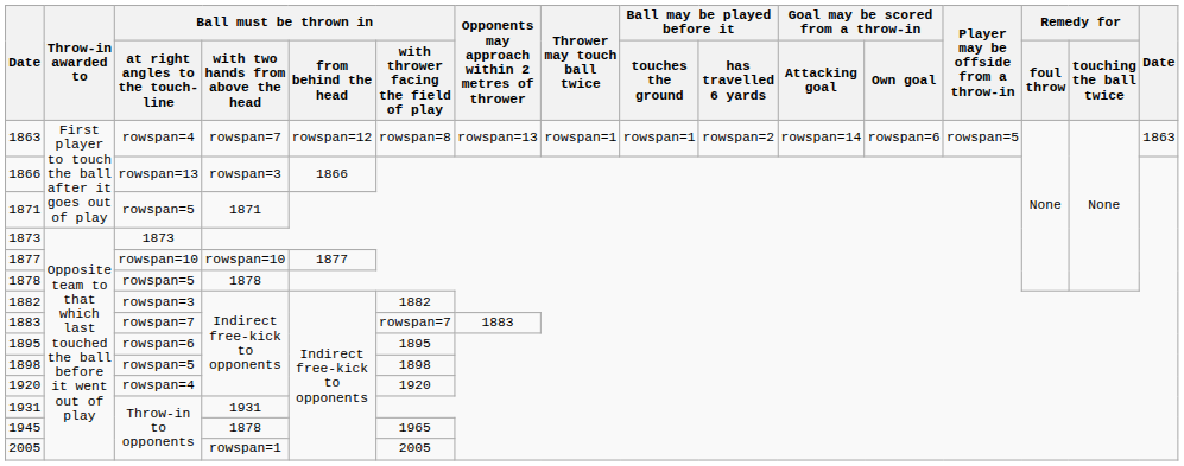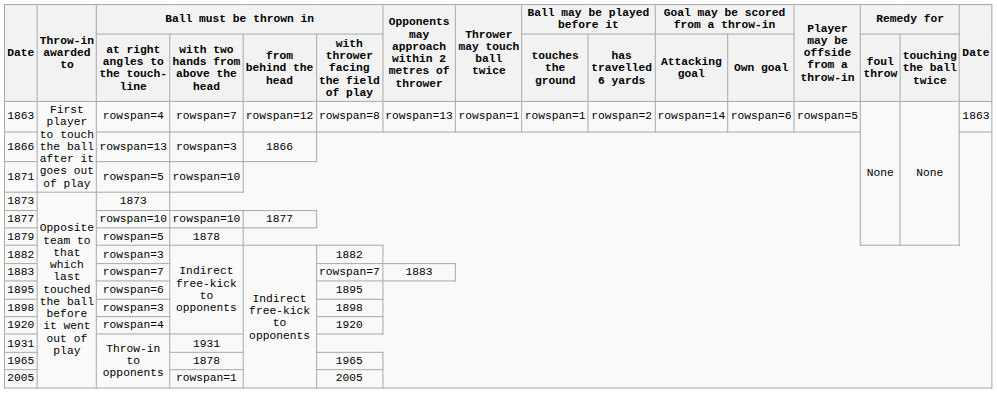 <table class="wikitable sortable" style="text-align: center; font-size: 85%; width: auto; table-layout: fixed;">
 <tr>
 <th rowspan=2>Date</th>
 <th rowspan=2>Throw-in awarded to</th>
 <th rowspan=1 colspan=4>Ball must be thrown in</th>
 <th rowspan=2>Opponents may approach within 2 metres of thrower</th>
 <th rowspan=2>Thrower may touch ball twice</th>
 <th rowspan=1 colspan=2>Ball may be played before it</th>
 <th rowspan=1 colspan=2>Goal may be scored from a throw-in</th>
 <th rowspan=2>Player may be offside from a throw-in</th>
 <th rowspan=1 colspan=2>Remedy for</th>
 <th rowspan=2>Date</th>
 </tr>
 <tr>
 <th>at right angles to the touch-line</th>
 <th>with two hands from above the head</th>
 <th>from behind the head</th>
 <th>with thrower facing the field of play</th>
 <th>touches the ground</th>
 <th>has travelled 6 yards</th>
 <th>Attacking goal</th>
 <th>Own goal</th>
 <th>foul throw</th>
 <th>touching the ball twice</th>
 </tr>
 <tr>
 <td>1863</td>
 <td rowspan=3>First player to touch the ball after it goes out of play</td>
 <td>rowspan=4 </td>
 <td>rowspan=7 </td>
 <td>rowspan=12  </td>
 <td>rowspan=8 </td>
 <td>rowspan=13 </td>
 <td>rowspan=1 </td>
 <td>rowspan=1 </td>
 <td>rowspan=2 </td>
 <td>rowspan=14 </td>
 <td>rowspan=6 </td>
 <td>rowspan=5 </td>
 <td rowspan=6>None</td>
 <td rowspan=6>None </td>
 <td>1863</td>
 </tr>
 <tr>
 <td>1866</td>
 <td>rowspan=13 </td>
 <td>rowspan=3 </td>
 <td>1866</td>
 </tr>
 <tr>
 <td>1871</td>
 <td>rowspan=5 </td>
-<td>1871</td>
+<td>rowspan=10 </td>
 </tr>
 <tr>
 <td>1873</td>
 <td rowspan=11>Opposite team to that which last touched the ball before it went out of play</td>
 <td>1873</td>
 </tr>
 <tr>
 <td>1877</td>
 <td>rowspan=10 </td>
 <td>rowspan=10 </td>
 <td>1877</td>
 </tr>
 <tr>
-<td>1878</td>
+<td>1879</td>
 <td>rowspan=5 </td>
 <td>1878</td>
 </tr>
 <tr>
 <td>1882</td>
 <td>rowspan=3 </td>
 <td rowspan=5>Indirect free-kick to opponents</td>
 <td rowspan=8>Indirect free-kick to opponents </td>
 <td>1882</td>
 </tr>
 <tr>
 <td>1883</td>
 <td>rowspan=7 </td>
 <td>rowspan=7 </td>
 <td>1883</td>
 </tr>
 <tr>
 <td>1895</td>
 <td>rowspan=6 </td>
 <td>1895</td>
 </tr>
 <tr>
 <td>1898</td>
-<td>rowspan=5 </td>
+<td>rowspan=3 </td>
 <td>1898</td>
 </tr>
 <tr>
 <td>1920</td>
 <td>rowspan=4 </td>
 <td>1920</td>
 </tr>
 <tr>
 <td>1931</td>
 <td rowspan=3>Throw-in to opponents</td>
 <td>1931</td>
 </tr>
 <tr>
-<td>1945</td>
+<td>1965</td>
 <td>1878</td>
 <td>1965</td>
 </tr>
 <tr>
 <td>2005</td>
 <td>rowspan=1 </td>
 <td>2005</td>
 </tr>
 </table>
